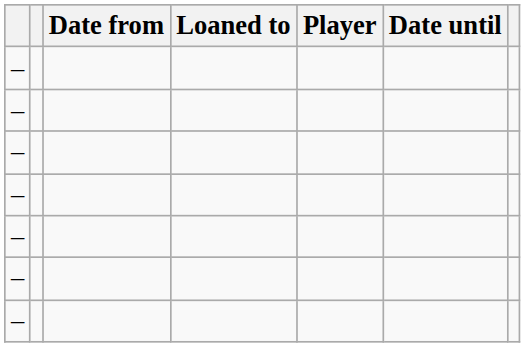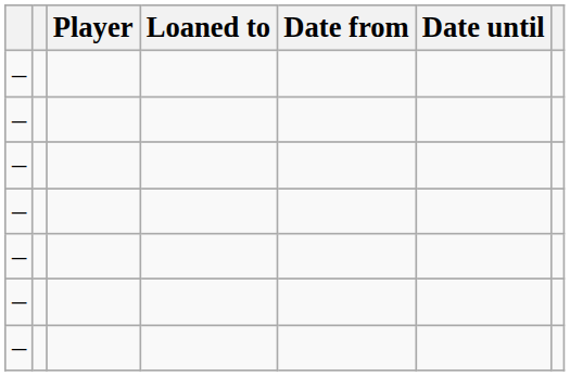 <table class="wikitable plainrowheaders sortable">
 <tr>
 <th scope=col></th>
 <th scope=col></th>
+<th scope=col>Player</th>
+<th scope=col>Loaned to</th>
 <th scope=col>Date from</th>
-<th scope=col>Loaned to</th>
-<th scope=col>Player</th>
 <th scope=col>Date until</th>
 <th scope=col class=unsortable></th>
 </tr>
 <tr>
 <td align=center>–</td>
 <td align=center></td>
 <td></td>
 <td></td>
 <td></td>
 <td></td>
 <td></td>
 </tr>
 <tr>
 <td align=center>–</td>
 <td align=center></td>
 <td></td>
 <td></td>
 <td></td>
 <td></td>
 <td></td>
 </tr>
 <tr>
 <td align=center>–</td>
 <td align=center></td>
 <td></td>
 <td></td>
 <td></td>
 <td></td>
 <td></td>
 </tr>
 <tr>
 <td align=center>–</td>
 <td align=center></td>
 <td></td>
 <td></td>
 <td></td>
 <td></td>
 <td></td>
 </tr>
 <tr>
 <td align=center>–</td>
 <td align=center></td>
 <td></td>
 <td></td>
 <td></td>
 <td></td>
 <td></td>
 </tr>
 <tr>
 <td align=center>–</td>
 <td align=center></td>
 <td></td>
 <td></td>
 <td></td>
 <td></td>
 <td></td>
 </tr>
 <tr>
 <td align=center>–</td>
 <td align=center></td>
 <td></td>
 <td></td>
 <td></td>
 <td></td>
 <td></td>
 </tr>
 </table>
